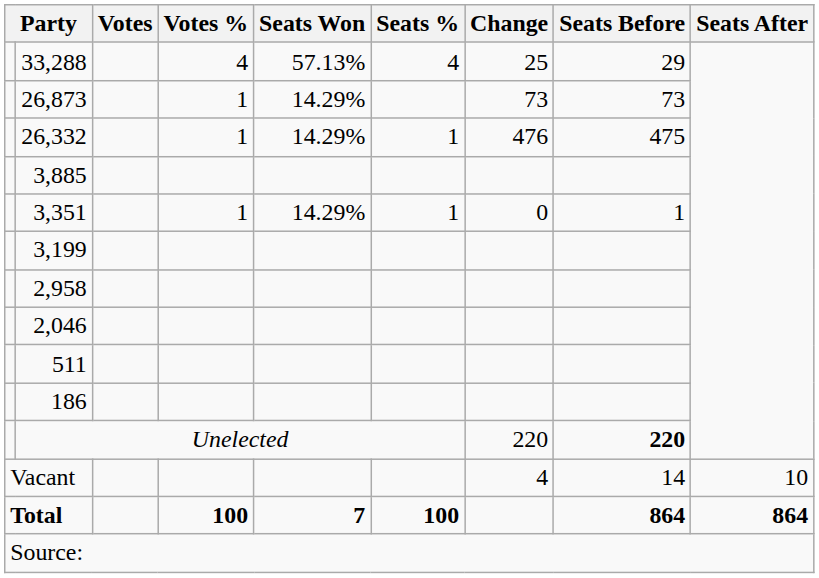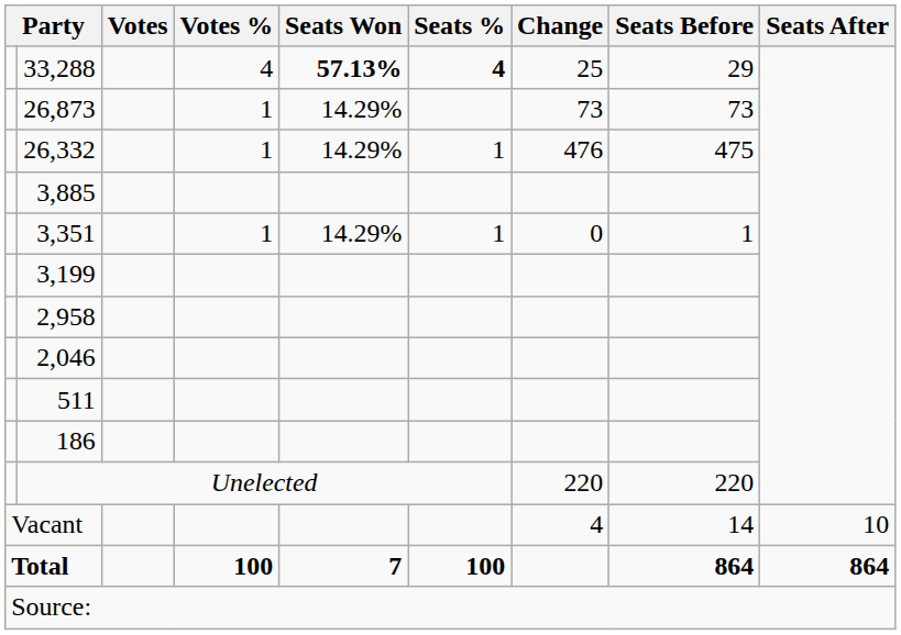 <table class=wikitable style=text-align:right>
 <tr>
 <th colspan=2>Party</th>
 <th>Votes</th>
 <th>Votes %</th>
 <th>Seats Won</th>
 <th>Seats %</th>
 <th>Change</th>
 <th>Seats Before</th>
 <th>Seats After</th>
 </tr>
 <tr>
 <td></td>
 <td>33,288</td>
 <td></td>
 <td>4</td>
-<td>57.13%</td>
-<td> 4</td>
+<td><strong>57.13%</strong></td>
+<td><strong> 4</strong></td>
 <td>25</td>
 <td>29</td>
 </tr>
 <tr>
 <td></td>
 <td>26,873</td>
 <td></td>
 <td>1</td>
 <td>14.29%</td>
 <td></td>
 <td>73</td>
 <td>73</td>
 </tr>
 <tr>
 <td></td>
 <td>26,332</td>
 <td></td>
 <td>1</td>
 <td>14.29%</td>
 <td> 1</td>
 <td>476</td>
 <td>475</td>
 </tr>
 <tr>
 <td></td>
 <td>3,885</td>
 <td></td>
 <td></td>
 <td></td>
 <td></td>
 <td></td>
 <td></td>
 </tr>
 <tr>
 <td></td>
 <td>3,351</td>
 <td></td>
 <td>1</td>
 <td>14.29%</td>
 <td> 1</td>
 <td>0</td>
 <td>1</td>
 </tr>
 <tr>
 <td></td>
 <td>3,199</td>
 <td></td>
 <td></td>
 <td></td>
 <td></td>
 <td></td>
 <td></td>
 </tr>
 <tr>
 <td></td>
 <td>2,958</td>
 <td></td>
 <td></td>
 <td></td>
 <td></td>
 <td></td>
 <td></td>
 </tr>
 <tr>
 <td></td>
 <td>2,046</td>
 <td></td>
 <td></td>
 <td></td>
 <td></td>
 <td></td>
 <td></td>
 </tr>
 <tr>
 <td></td>
 <td>511</td>
 <td></td>
 <td></td>
 <td></td>
 <td></td>
 <td></td>
 <td></td>
 </tr>
 <tr>
 <td></td>
 <td>186</td>
 <td></td>
 <td></td>
 <td></td>
 <td></td>
 <td></td>
 <td></td>
 </tr>
 <tr>
 <td></td>
 <td colspan=5 align=center><em>Unelected</em></td>
 <td>220</td>
-<td><strong>220</strong></td>
+<td>220</td>
 </tr>
 <tr>
 <td colspan="2" style="text-align:left;">Vacant</td>
 <td></td>
 <td></td>
 <td></td>
 <td></td>
 <td>4</td>
 <td>14</td>
 <td>10</td>
 </tr>
 <tr>
 <td colspan="2" style="text-align:left;"><strong>Total</strong></td>
 <td></td>
 <td><strong>100</strong></td>
 <td><strong>7</strong></td>
 <td><strong>100</strong></td>
 <td></td>
 <td><strong>864</strong></td>
 <td><strong>864</strong></td>
 </tr>
 <tr>
 <td style="text-align:left;" colspan="9">Source:</td>
 </tr>
 </table>
